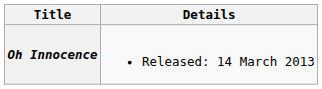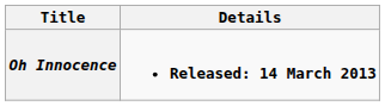 <table class="wikitable plainrowheaders" style="text-align:center;">
 <tr>
 <th>Title</th>
 <th>Details</th>
 </tr>
 <tr>
 <th scope="row"><em>Oh Innocence</em></th>
-<td><br><ul><li>Released: 14 March 2013</li></ul></td>
+<td><strong><br><ul><li>Released: 14 March 2013</li></ul></strong></td>
 </tr>
 </table>
